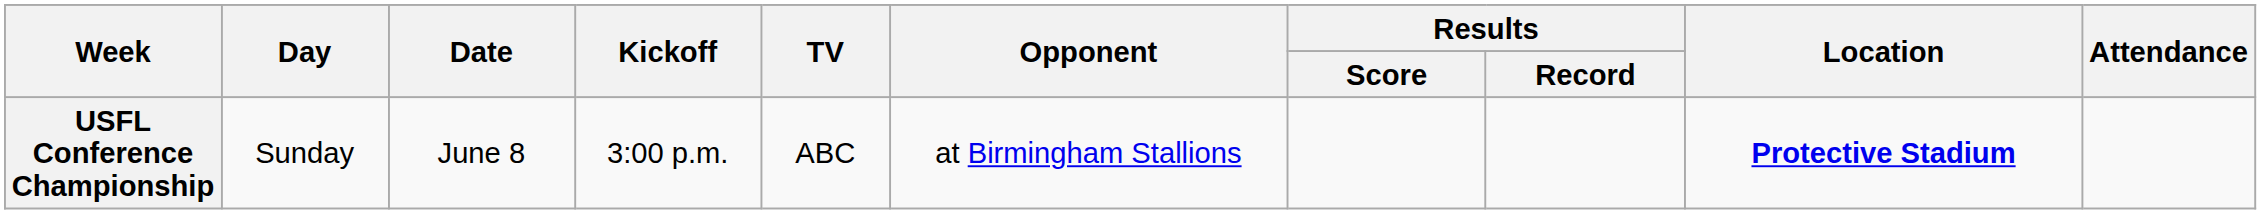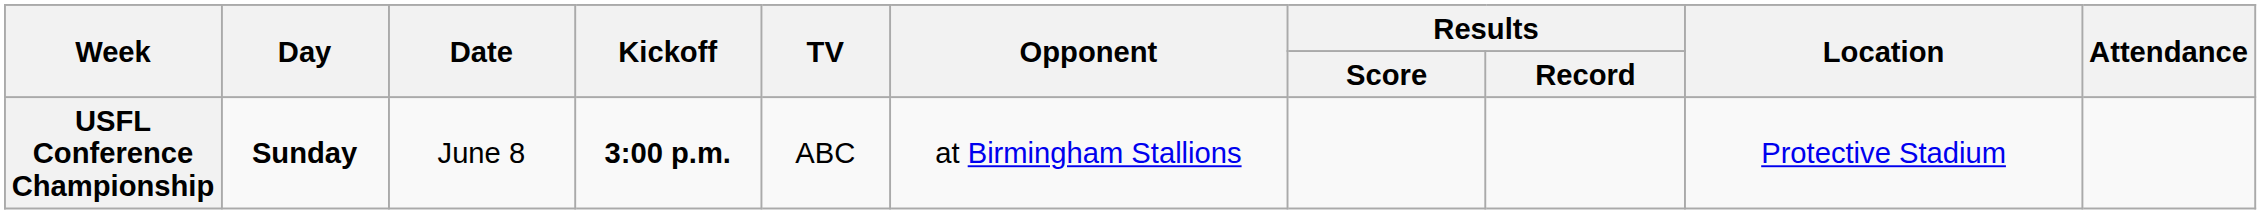 <table class="wikitable" style="text-align:center; font-size: 95%;">
 <tr>
 <th rowspan="2" width="40">Week</th>
 <th rowspan="2" width="80">Day</th>
 <th rowspan="2" width="90">Date</th>
 <th rowspan="2" width="90">Kickoff</th>
 <th rowspan="2" width="60">TV</th>
 <th rowspan="2" width="200">Opponent</th>
 <th colspan="2" width="200">Results</th>
 <th rowspan="2" width="200">Location</th>
 <th rowspan="2">Attendance</th>
 </tr>
 <tr>
 <th width="60">Score</th>
 <th width="60">Record</th>
 </tr>
 <tr style="background:#">
 <th>USFL Conference Championship</th>
-<td>Sunday</td>
+<td><strong>Sunday</strong></td>
 <td>June 8</td>
-<td>3:00 p.m.</td>
+<td><strong>3:00 p.m.</strong></td>
 <td>ABC</td>
 <td>at <a href='#'>Birmingham Stallions</a></td>
 <td></td>
 <td></td>
-<td><strong><a href='#'>Protective Stadium</a></strong></td>
+<td><a href='#'>Protective Stadium</a></td>
 <td></td>
 </tr>
 </table>
